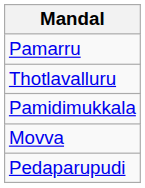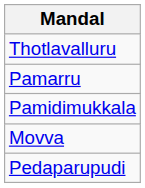 <table class="wikitable sortable static-row-numbers static-row-header-hash">
 <tr>
 <th>Mandal</th>
 </tr>
 <tr>
-<td><a href='#'>Pamarru</a></td>
+<td><a href='#'>Thotlavalluru</a></td>
 </tr>
 <tr>
-<td><a href='#'>Thotlavalluru</a></td>
+<td><a href='#'>Pamarru</a></td>
 </tr>
 <tr>
 <td><a href='#'>Pamidimukkala</a></td>
 </tr>
 <tr>
 <td><a href='#'>Movva</a></td>
 </tr>
 <tr>
 <td><a href='#'>Pedaparupudi</a></td>
 </tr>
 </table>
